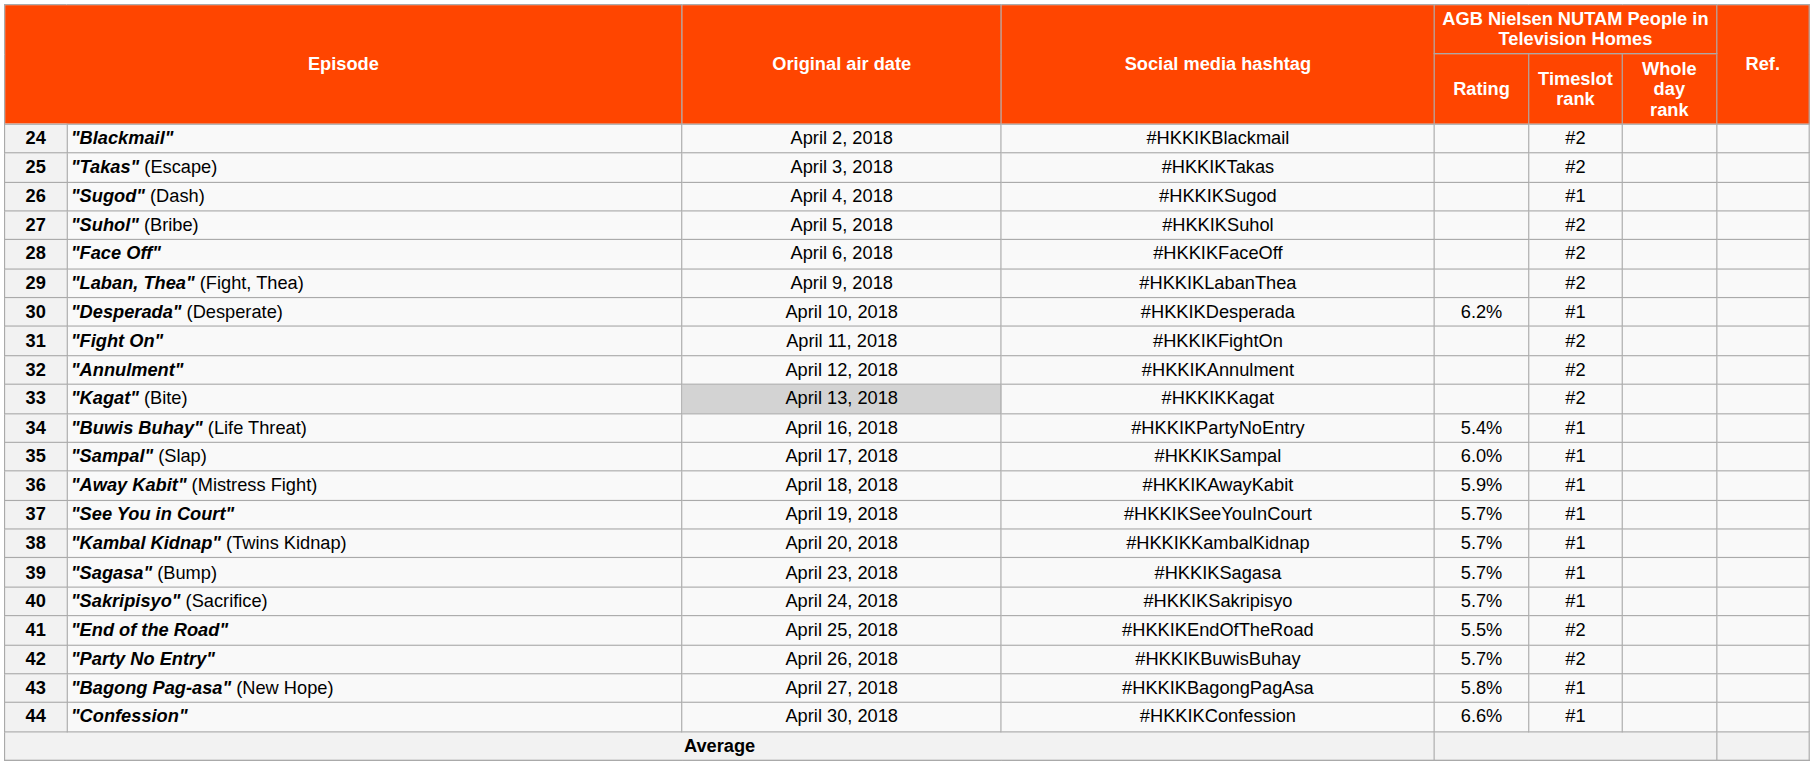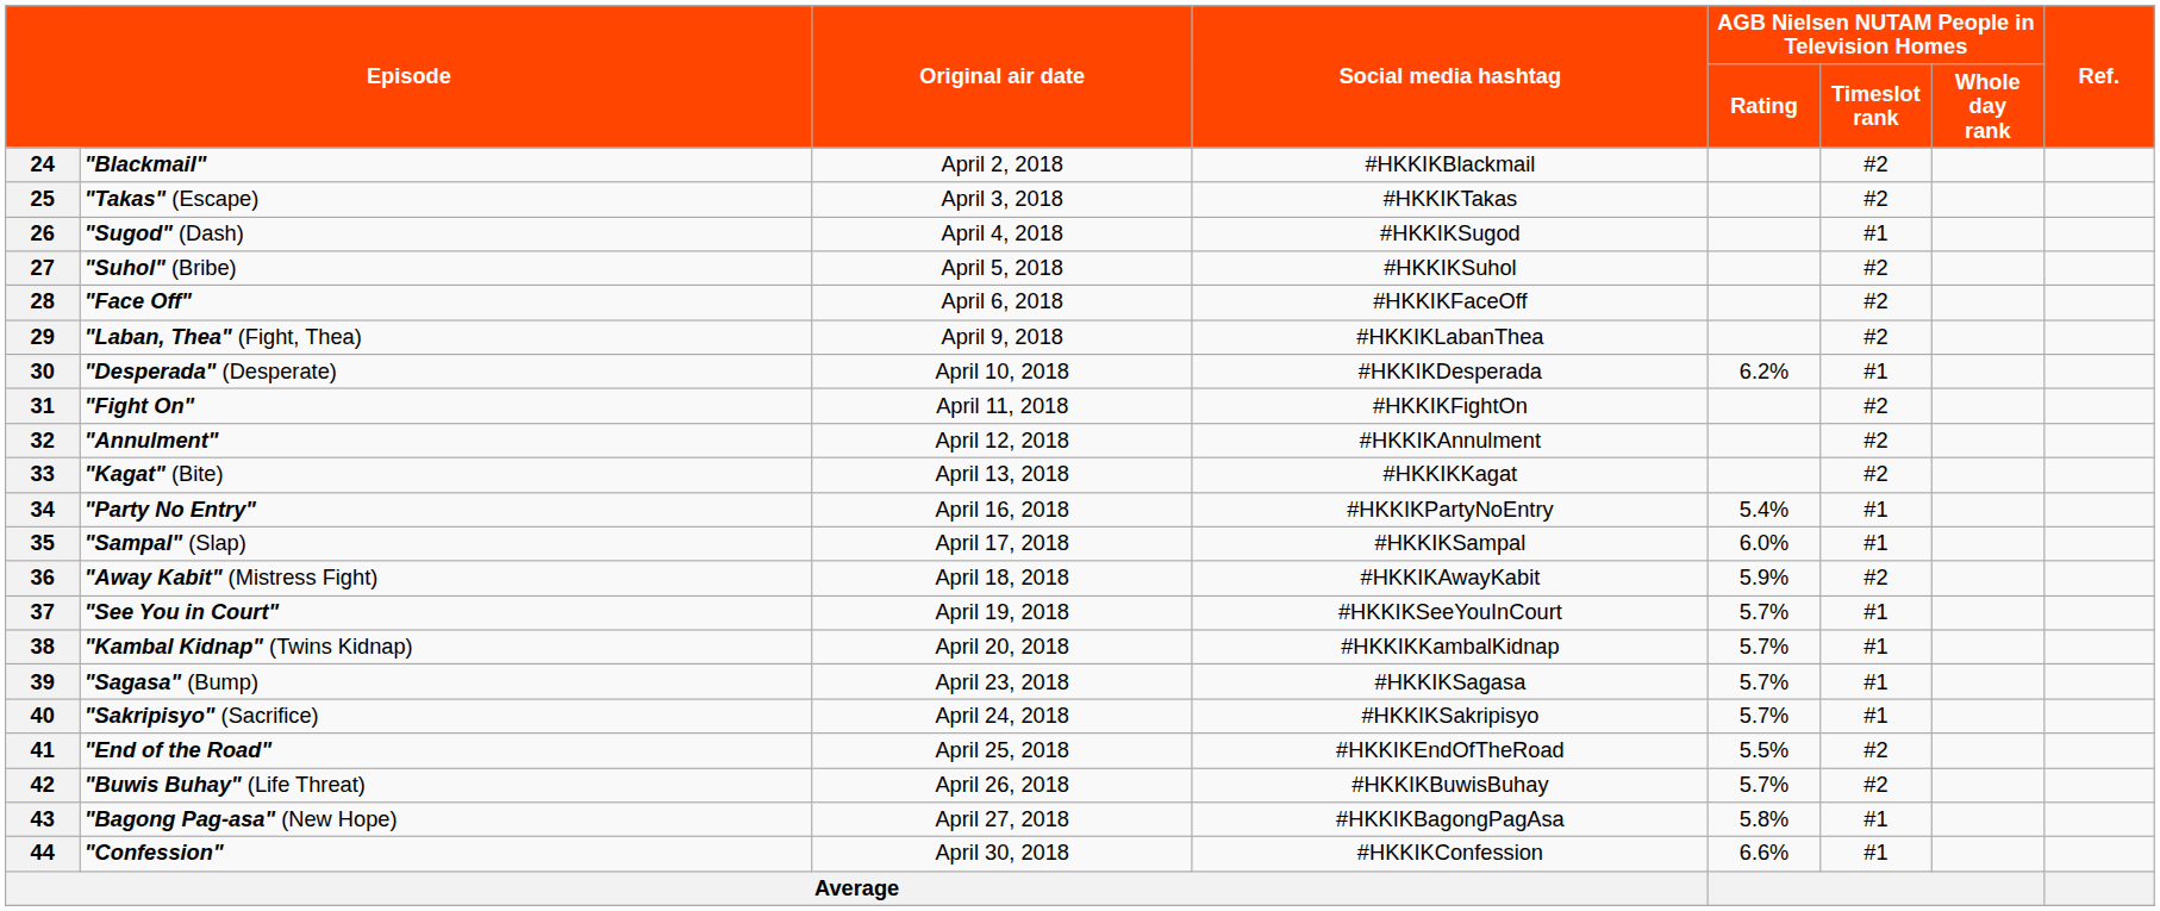 <table class="wikitable" style="text-align:center; font-size:100%; line-height:18px;" width="100%">
 <tr>
 <th style="background-color:#FF4500; color:#ffffff;" colspan="2" rowspan="2">Episode</th>
 <th style="background-color:#FF4500; color:white" rowspan="2">Original air date</th>
 <th style="background-color:#FF4500; color:white" rowspan="2">Social media hashtag</th>
 <th style="background-color:#FF4500; color:#ffffff;" colspan="3">AGB Nielsen NUTAM People in Television Homes</th>
 <th style="background-color:#FF4500; color:#ffffff;" rowspan="2">Ref.</th>
 </tr>
 <tr>
 <th style="background-color:#FF4500; width:75px; color:#ffffff;">Rating</th>
 <th style="background-color:#FF4500; width:75px; color:#ffffff;">Timeslot<br>rank</th>
 <th style="background-color:#FF4500; width:75px; color:#ffffff;">Whole day<br>rank</th>
 </tr>
 <tr>
 <th>24</th>
 <td style="text-align: left;"><strong><em>"Blackmail"</em></strong></td>
 <td>April 2, 2018</td>
 <td>#HKKIKBlackmail</td>
 <td></td>
 <td>#2</td>
 <td></td>
 <td></td>
 </tr>
 <tr>
 <th>25</th>
 <td style="text-align: left;"><strong><em>"Takas"</em></strong> (Escape)</td>
 <td>April 3, 2018</td>
 <td>#HKKIKTakas</td>
 <td></td>
 <td>#2</td>
 <td></td>
 <td></td>
 </tr>
 <tr>
 <th>26</th>
 <td style="text-align: left;"><strong><em>"Sugod"</em></strong> (Dash)</td>
 <td>April 4, 2018</td>
 <td>#HKKIKSugod</td>
 <td></td>
 <td>#1</td>
 <td></td>
 <td></td>
 </tr>
 <tr>
 <th>27</th>
 <td style="text-align: left;"><strong><em>"Suhol"</em></strong> (Bribe)</td>
 <td>April 5, 2018</td>
 <td>#HKKIKSuhol</td>
 <td></td>
 <td>#2</td>
 <td></td>
 <td></td>
 </tr>
 <tr>
 <th>28</th>
 <td style="text-align: left;"><strong><em>"Face Off"</em></strong></td>
 <td>April 6, 2018</td>
 <td>#HKKIKFaceOff</td>
 <td></td>
 <td>#2</td>
 <td></td>
 <td></td>
 </tr>
 <tr>
 <th>29</th>
 <td style="text-align: left;"><strong><em>"Laban, Thea"</em></strong> (Fight, Thea)</td>
 <td>April 9, 2018</td>
 <td>#HKKIKLabanThea</td>
 <td></td>
 <td>#2</td>
 <td></td>
 <td></td>
 </tr>
 <tr>
 <th>30</th>
 <td style="text-align: left;"><strong><em>"Desperada"</em></strong> (Desperate)</td>
 <td>April 10, 2018</td>
 <td>#HKKIKDesperada</td>
 <td>6.2%</td>
 <td>#1</td>
 <td></td>
 <td></td>
 </tr>
 <tr>
 <th>31</th>
 <td style="text-align: left;"><strong><em>"Fight On"</em></strong></td>
 <td>April 11, 2018</td>
 <td>#HKKIKFightOn</td>
 <td></td>
 <td>#2</td>
 <td></td>
 <td></td>
 </tr>
 <tr>
 <th>32</th>
 <td style="text-align: left;"><strong><em>"Annulment"</em></strong></td>
 <td>April 12, 2018</td>
 <td>#HKKIKAnnulment</td>
 <td></td>
 <td>#2</td>
 <td></td>
 <td></td>
 </tr>
 <tr>
 <th>33</th>
 <td style="text-align: left;"><strong><em>"Kagat"</em></strong> (Bite)</td>
-<td style="background: lightgrey;">April 13, 2018</td>
+<td>April 13, 2018</td>
 <td>#HKKIKKagat</td>
 <td></td>
 <td>#2</td>
 <td></td>
 <td></td>
 </tr>
 <tr>
 <th>34</th>
-<td style="text-align: left;"><strong><em>"Buwis Buhay"</em></strong> (Life Threat)</td>
+<td style="text-align: left;"><strong><em>"Party No Entry"</em></strong></td>
 <td>April 16, 2018</td>
 <td>#HKKIKPartyNoEntry</td>
 <td>5.4%</td>
 <td>#1</td>
 <td></td>
 <td></td>
 </tr>
 <tr>
 <th>35</th>
 <td style="text-align: left;"><strong><em>"Sampal"</em></strong> (Slap)</td>
 <td>April 17, 2018</td>
 <td>#HKKIKSampal</td>
 <td>6.0%</td>
 <td>#1</td>
 <td></td>
 <td></td>
 </tr>
 <tr>
 <th>36</th>
 <td style="text-align: left;"><strong><em>"Away Kabit"</em></strong> (Mistress Fight)</td>
 <td>April 18, 2018</td>
 <td>#HKKIKAwayKabit</td>
 <td>5.9%</td>
-<td>#1</td>
+<td>#2</td>
 <td></td>
 <td></td>
 </tr>
 <tr>
 <th>37</th>
 <td style="text-align: left;"><strong><em>"See You in Court"</em></strong></td>
 <td>April 19, 2018</td>
 <td>#HKKIKSeeYouInCourt</td>
 <td>5.7%</td>
 <td>#1</td>
 <td></td>
 <td></td>
 </tr>
 <tr>
 <th>38</th>
 <td style="text-align: left;"><strong><em>"Kambal Kidnap"</em></strong> (Twins Kidnap)</td>
 <td>April 20, 2018</td>
 <td>#HKKIKKambalKidnap</td>
 <td>5.7%</td>
 <td>#1</td>
 <td></td>
 <td></td>
 </tr>
 <tr>
 <th>39</th>
 <td style="text-align: left;"><strong><em>"Sagasa"</em></strong> (Bump)</td>
 <td>April 23, 2018</td>
 <td>#HKKIKSagasa</td>
 <td>5.7%</td>
 <td>#1</td>
 <td></td>
 <td></td>
 </tr>
 <tr>
 <th>40</th>
 <td style="text-align: left;"><strong><em>"Sakripisyo"</em></strong> (Sacrifice)</td>
 <td>April 24, 2018</td>
 <td>#HKKIKSakripisyo</td>
 <td>5.7%</td>
 <td>#1</td>
 <td></td>
 <td></td>
 </tr>
 <tr>
 <th>41</th>
 <td style="text-align: left;"><strong><em>"End of the Road"</em></strong></td>
 <td>April 25, 2018</td>
 <td>#HKKIKEndOfTheRoad</td>
 <td>5.5%</td>
 <td>#2</td>
 <td></td>
 <td></td>
 </tr>
 <tr>
 <th>42</th>
-<td style="text-align: left;"><strong><em>"Party No Entry"</em></strong></td>
+<td style="text-align: left;"><strong><em>"Buwis Buhay"</em></strong> (Life Threat)</td>
 <td>April 26, 2018</td>
 <td>#HKKIKBuwisBuhay</td>
 <td>5.7%</td>
 <td>#2</td>
 <td></td>
 <td></td>
 </tr>
 <tr>
 <th>43</th>
 <td style="text-align: left;"><strong><em>"Bagong Pag-asa"</em></strong> (New Hope)</td>
 <td>April 27, 2018</td>
 <td>#HKKIKBagongPagAsa</td>
 <td>5.8%</td>
 <td>#1</td>
 <td></td>
 <td></td>
 </tr>
 <tr>
 <th>44</th>
 <td style="text-align: left;"><strong><em>"Confession"</em></strong></td>
 <td>April 30, 2018</td>
 <td>#HKKIKConfession</td>
 <td>6.6%</td>
 <td>#1</td>
 <td></td>
 <td></td>
 </tr>
 <tr>
 <th colspan="4">Average</th>
 <th colspan="3"></th>
 <th></th>
 </tr>
 <tr>
 </tr>
 </table>
